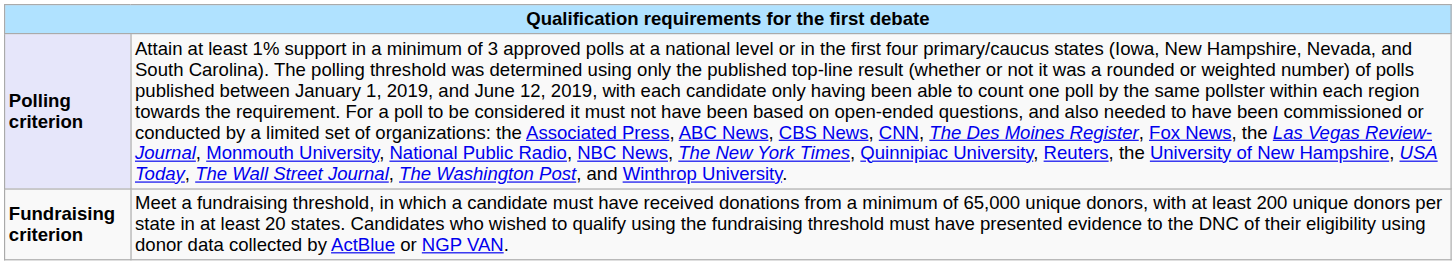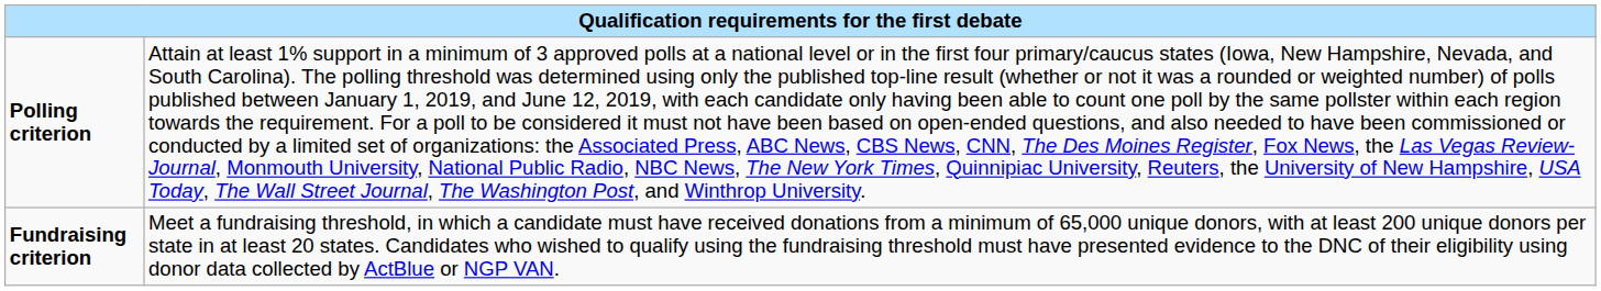 <table class="wikitable collapsible collapsed";">
 <tr>
 <th colspan="2" style="color:black; vertical-align:top; text-align:center; background-color:#B0E2FF;" class="table-no">Qualification requirements for the first debate</th>
 </tr>
 <tr>
-<td style="background: lavender;"><strong>Polling criterion</strong></td>
+<td><strong>Polling criterion</strong></td>
 <td>Attain at least 1% support in a minimum of 3 approved polls at a national level or in the first four primary/caucus states (Iowa, New Hampshire, Nevada, and South Carolina). The polling threshold was determined using only the published top-line result (whether or not it was a rounded or weighted number) of polls published between January 1, 2019, and June 12, 2019, with each candidate only having been able to count one poll by the same pollster within each region towards the requirement. For a poll to be considered it must not have been based on open-ended questions, and also needed to have been commissioned or conducted by a limited set of organizations: the <a href='#'>Associated Press</a>, <a href='#'>ABC News</a>, <a href='#'>CBS News</a>, <a href='#'>CNN</a>, <em><a href='#'>The Des Moines Register</a></em>, <a href='#'>Fox News</a>, the <em><a href='#'>Las Vegas Review-Journal</a></em>, <a href='#'>Monmouth University</a>, <a href='#'>National Public Radio</a>, <a href='#'>NBC News</a>, <em><a href='#'>The New York Times</a></em>, <a href='#'>Quinnipiac University</a>, <a href='#'>Reuters</a>, the <a href='#'>University of New Hampshire</a>, <em><a href='#'>USA Today</a></em>, <em><a href='#'>The Wall Street Journal</a></em>, <em><a href='#'>The Washington Post</a></em>, and <a href='#'>Winthrop University</a>.</td>
 </tr>
 <tr>
 <td><strong>Fundraising criterion</strong></td>
 <td>Meet a fundraising threshold, in which a candidate must have received donations from a minimum of 65,000 unique donors, with at least 200 unique donors per state in at least 20 states. Candidates who wished to qualify using the fundraising threshold must have presented evidence to the DNC of their eligibility using donor data collected by <a href='#'>ActBlue</a> or <a href='#'>NGP VAN</a>.</td>
 </tr>
 </table>
